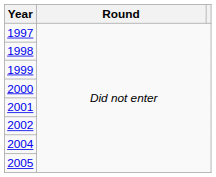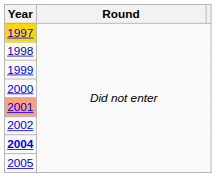 <table class="wikitable" style="text-align: center; font-size:90%">
 <tr>
 <th>Year</th>
 <th style="width:200px">Round</th>
 <th></th>
 </tr>
 <tr>
-<td><a href='#'>1997</a></td>
+<td style="background: gold;"><a href='#'>1997</a></td>
 <td colspan="2" rowspan="8"><em>Did not enter</em></td>
 </tr>
 <tr>
-<td><a href='#'>1998</a></td>
+<td style="background: lightyellow;"><a href='#'>1998</a></td>
 </tr>
 <tr>
 <td><a href='#'>1999</a></td>
 </tr>
 <tr>
 <td><a href='#'>2000</a></td>
 </tr>
 <tr>
-<td><a href='#'>2001</a></td>
+<td style="background: lightsalmon;"><a href='#'>2001</a></td>
 </tr>
 <tr>
 <td><a href='#'>2002</a></td>
 </tr>
 <tr>
-<td><a href='#'>2004</a></td>
+<td><strong><a href='#'>2004</a></strong></td>
 </tr>
 <tr>
 <td><a href='#'>2005</a></td>
 </tr>
 </table>
